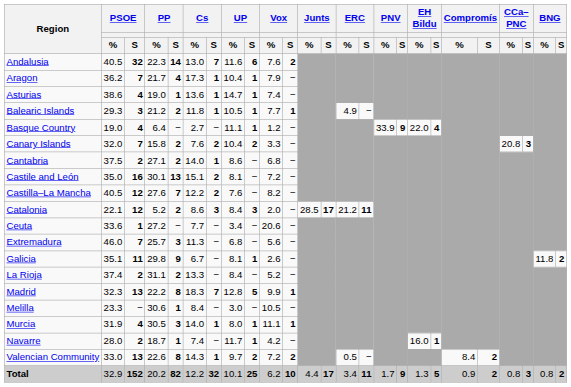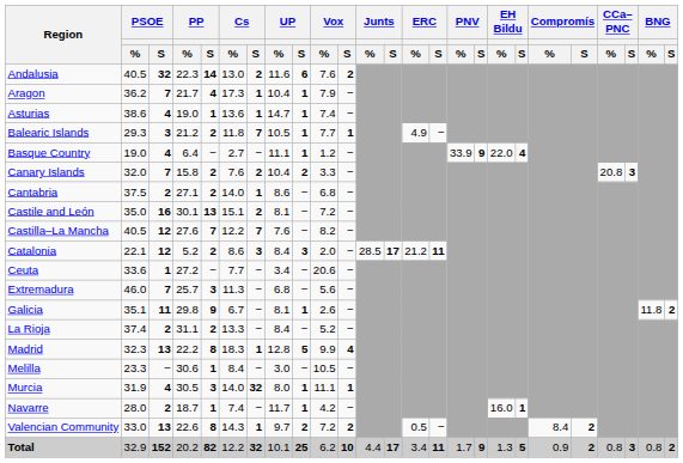 <table class="wikitable sortable" style="text-align:right; line-height:20px;">
 <tr>
 <th rowspan="3">Region</th>
 <th colspan="2" width="30px" class="unsortable"><a href='#'>PSOE</a></th>
 <th colspan="2" width="30px" class="unsortable"><a href='#'>PP</a></th>
 <th colspan="2" width="30px" class="unsortable"><a href='#'>Cs</a></th>
 <th colspan="2" width="30px" class="unsortable"><a href='#'>UP</a></th>
 <th colspan="2" width="30px" class="unsortable"><a href='#'>Vox</a></th>
 <th colspan="2" width="30px" class="unsortable"><a href='#'>Junts</a></th>
 <th colspan="2" width="30px" class="unsortable"><a href='#'>ERC</a></th>
 <th colspan="2" width="30px" class="unsortable"><a href='#'>PNV</a></th>
 <th colspan="2" width="30px" class="unsortable"><a href='#'>EH Bildu</a></th>
 <th colspan="2" width="30px" class="unsortable"><a href='#'>Compromís</a></th>
 <th colspan="2" width="30px" class="unsortable"><a href='#'>CCa–PNC</a></th>
 <th colspan="2" width="30px" class="unsortable"><a href='#'>BNG</a></th>
 </tr>
 <tr>
 <th colspan="2" style="background:"></th>
 <th colspan="2" style="background:"></th>
 <th colspan="2" style="background:"></th>
 <th colspan="2" style="background:"></th>
 <th colspan="2" style="background:"></th>
 <th colspan="2" style="background:"></th>
 <th colspan="2" style="background:"></th>
 <th colspan="2" style="background:"></th>
 <th colspan="2" style="background:"></th>
 <th colspan="2" style="background:"></th>
 <th colspan="2" style="background:"></th>
 <th colspan="2" style="background:"></th>
 </tr>
 <tr>
 <th data-sort-type="number">%</th>
 <th data-sort-type="number">S</th>
 <th data-sort-type="number">%</th>
 <th data-sort-type="number">S</th>
 <th data-sort-type="number">%</th>
 <th data-sort-type="number">S</th>
 <th data-sort-type="number">%</th>
 <th data-sort-type="number">S</th>
 <th data-sort-type="number">%</th>
 <th data-sort-type="number">S</th>
 <th data-sort-type="number">%</th>
 <th data-sort-type="number">S</th>
 <th data-sort-type="number">%</th>
 <th data-sort-type="number">S</th>
 <th data-sort-type="number">%</th>
 <th data-sort-type="number">S</th>
 <th data-sort-type="number">%</th>
 <th data-sort-type="number">S</th>
 <th data-sort-type="number">%</th>
 <th data-sort-type="number">S</th>
 <th data-sort-type="number">%</th>
 <th data-sort-type="number">S</th>
 <th data-sort-type="number">%</th>
 <th data-sort-type="number">S</th>
 </tr>
 <tr>
 <td align="left"><a href='#'>Andalusia</a></td>
 <td style="background:">40.5</td>
 <td><strong>32</strong></td>
 <td>22.3</td>
 <td><strong>14</strong></td>
 <td>13.0</td>
-<td><strong>7</strong></td>
+<td><strong>2</strong></td>
 <td>11.6</td>
 <td><strong>6</strong></td>
 <td>7.6</td>
 <td><strong>2</strong></td>
 <td colspan="2" rowspan="9" bgcolor="#AAAAAA"></td>
 <td colspan="2" rowspan="3" bgcolor="#AAAAAA"></td>
 <td colspan="2" rowspan="4" bgcolor="#AAAAAA"></td>
 <td colspan="2" rowspan="4" bgcolor="#AAAAAA"></td>
 <td colspan="2" rowspan="18" bgcolor="#AAAAAA"></td>
 <td colspan="2" rowspan="5" bgcolor="#AAAAAA"></td>
 <td colspan="2" rowspan="12" bgcolor="#AAAAAA"></td>
 </tr>
 <tr>
 <td align="left"><a href='#'>Aragon</a></td>
 <td style="background:">36.2</td>
 <td><strong>7</strong></td>
 <td>21.7</td>
 <td><strong>4</strong></td>
 <td>17.3</td>
 <td><strong>1</strong></td>
 <td>10.4</td>
 <td><strong>1</strong></td>
 <td>7.9</td>
 <td>−</td>
 </tr>
 <tr>
 <td align="left"><a href='#'>Asturias</a></td>
 <td style="background:">38.6</td>
 <td><strong>4</strong></td>
 <td>19.0</td>
 <td><strong>1</strong></td>
 <td>13.6</td>
 <td><strong>1</strong></td>
 <td>14.7</td>
 <td><strong>1</strong></td>
 <td>7.4</td>
 <td>−</td>
 </tr>
 <tr>
 <td align="left"><a href='#'>Balearic Islands</a></td>
 <td style="background:">29.3</td>
 <td><strong>3</strong></td>
 <td>21.2</td>
 <td><strong>2</strong></td>
 <td>11.8</td>
-<td><strong>1</strong></td>
+<td><strong>7</strong></td>
 <td>10.5</td>
 <td><strong>1</strong></td>
 <td>7.7</td>
 <td><strong>1</strong></td>
 <td>4.9</td>
 <td>−</td>
 </tr>
 <tr>
 <td align="left"><a href='#'>Basque Country</a></td>
 <td>19.0</td>
 <td><strong>4</strong></td>
 <td>6.4</td>
 <td>−</td>
 <td>2.7</td>
 <td>−</td>
 <td>11.1</td>
 <td><strong>1</strong></td>
 <td>1.2</td>
 <td>−</td>
 <td colspan="2" rowspan="5" bgcolor="#AAAAAA"></td>
 <td style="background:">33.9</td>
 <td><strong>9</strong></td>
 <td>22.0</td>
 <td><strong>4</strong></td>
 </tr>
 <tr>
 <td align="left"><a href='#'>Canary Islands</a></td>
 <td style="background:">32.0</td>
 <td><strong>7</strong></td>
 <td>15.8</td>
 <td><strong>2</strong></td>
 <td>7.6</td>
 <td><strong>2</strong></td>
 <td>10.4</td>
 <td><strong>2</strong></td>
 <td>3.3</td>
 <td>−</td>
 <td colspan="2" rowspan="14" bgcolor="#AAAAAA"></td>
 <td colspan="2" rowspan="12" bgcolor="#AAAAAA"></td>
 <td>20.8</td>
 <td><strong>3</strong></td>
 </tr>
 <tr>
 <td align="left"><a href='#'>Cantabria</a></td>
 <td style="background:">37.5</td>
 <td><strong>2</strong></td>
 <td>27.1</td>
 <td><strong>2</strong></td>
 <td>14.0</td>
 <td><strong>1</strong></td>
 <td>8.6</td>
 <td>−</td>
 <td>6.8</td>
 <td>−</td>
 <td colspan="2" rowspan="13" bgcolor="#AAAAAA"></td>
 </tr>
 <tr>
 <td align="left"><a href='#'>Castile and León</a></td>
 <td style="background:">35.0</td>
 <td><strong>16</strong></td>
 <td>30.1</td>
 <td><strong>13</strong></td>
 <td>15.1</td>
 <td><strong>2</strong></td>
 <td>8.1</td>
 <td>−</td>
 <td>7.2</td>
 <td>−</td>
 </tr>
 <tr>
 <td align="left"><a href='#'>Castilla–La Mancha</a></td>
 <td style="background:">40.5</td>
 <td><strong>12</strong></td>
 <td>27.6</td>
 <td><strong>7</strong></td>
 <td>12.2</td>
-<td><strong>2</strong></td>
+<td><strong>7</strong></td>
 <td>7.6</td>
 <td>−</td>
 <td>8.2</td>
 <td>−</td>
 </tr>
 <tr>
 <td align="left"><a href='#'>Catalonia</a></td>
 <td>22.1</td>
 <td><strong>12</strong></td>
 <td>5.2</td>
 <td><strong>2</strong></td>
 <td>8.6</td>
 <td><strong>3</strong></td>
 <td>8.4</td>
 <td><strong>3</strong></td>
 <td>2.0</td>
 <td>−</td>
 <td style="background:">28.5</td>
 <td><strong>17</strong></td>
 <td>21.2</td>
 <td><strong>11</strong></td>
 </tr>
 <tr>
 <td align="left"><a href='#'>Ceuta</a></td>
 <td style="background:">33.6</td>
 <td><strong>1</strong></td>
 <td>27.2</td>
 <td>−</td>
 <td>7.7</td>
 <td>−</td>
 <td>3.4</td>
 <td>−</td>
 <td>20.6</td>
 <td>−</td>
 <td colspan="2" rowspan="9" bgcolor="#AAAAAA"></td>
 <td colspan="2" rowspan="8" bgcolor="#AAAAAA"></td>
 </tr>
 <tr>
 <td align="left"><a href='#'>Extremadura</a></td>
 <td style="background:">46.0</td>
 <td><strong>7</strong></td>
 <td>25.7</td>
 <td><strong>3</strong></td>
 <td>11.3</td>
 <td>−</td>
 <td>6.8</td>
 <td>−</td>
 <td>5.6</td>
 <td>−</td>
 </tr>
 <tr>
 <td align="left"><a href='#'>Galicia</a></td>
 <td style="background:">35.1</td>
 <td><strong>11</strong></td>
 <td>29.8</td>
 <td><strong>9</strong></td>
 <td>6.7</td>
 <td>−</td>
 <td>8.1</td>
 <td><strong>1</strong></td>
 <td>2.6</td>
 <td>−</td>
 <td>11.8</td>
 <td><strong>2</strong></td>
 </tr>
 <tr>
 <td align="left"><a href='#'>La Rioja</a></td>
 <td style="background:">37.4</td>
 <td><strong>2</strong></td>
 <td>31.1</td>
 <td><strong>2</strong></td>
 <td>13.3</td>
 <td>−</td>
 <td>8.4</td>
 <td>−</td>
 <td>5.2</td>
 <td>−</td>
 <td colspan="2" rowspan="6" bgcolor="#AAAAAA"></td>
 </tr>
 <tr>
 <td align="left"><a href='#'>Madrid</a></td>
 <td style="background:">32.3</td>
 <td><strong>13</strong></td>
 <td>22.2</td>
 <td><strong>8</strong></td>
 <td>18.3</td>
-<td><strong>7</strong></td>
+<td><strong>1</strong></td>
 <td>12.8</td>
 <td><strong>5</strong></td>
 <td>9.9</td>
-<td><strong>1</strong></td>
+<td><strong>4</strong></td>
 </tr>
 <tr>
 <td align="left"><a href='#'>Melilla</a></td>
 <td>23.3</td>
 <td>−</td>
 <td style="background:">30.6</td>
 <td><strong>1</strong></td>
 <td>8.4</td>
 <td>−</td>
 <td>3.0</td>
 <td>−</td>
 <td>10.5</td>
 <td>−</td>
 </tr>
 <tr>
 <td align="left"><a href='#'>Murcia</a></td>
 <td style="background:">31.9</td>
 <td><strong>4</strong></td>
 <td>30.5</td>
 <td><strong>3</strong></td>
 <td>14.0</td>
-<td><strong>1</strong></td>
+<td><strong>32</strong></td>
 <td>8.0</td>
 <td><strong>1</strong></td>
 <td>11.1</td>
 <td><strong>1</strong></td>
 </tr>
 <tr>
 <td align="left"><a href='#'>Navarre</a></td>
 <td style="background:">28.0</td>
 <td><strong>2</strong></td>
 <td>18.7</td>
 <td><strong>1</strong></td>
 <td>7.4</td>
 <td>−</td>
 <td>11.7</td>
 <td><strong>1</strong></td>
 <td>4.2</td>
 <td>−</td>
 <td>16.0</td>
 <td><strong>1</strong></td>
 </tr>
 <tr>
 <td align="left"><a href='#'>Valencian Community</a></td>
 <td style="background:">33.0</td>
 <td><strong>13</strong></td>
 <td>22.6</td>
 <td><strong>8</strong></td>
 <td>14.3</td>
 <td><strong>1</strong></td>
 <td>9.7</td>
 <td><strong>2</strong></td>
 <td>7.2</td>
 <td><strong>2</strong></td>
 <td>0.5</td>
 <td>−</td>
 <td colspan="2" bgcolor="#AAAAAA"></td>
 <td>8.4</td>
 <td><strong>2</strong></td>
 </tr>
 <tr style="background:#CDCDCD;">
 <td align="left"><strong>Total</strong></td>
 <td style="background:">32.9</td>
 <td><strong>152</strong></td>
 <td>20.2</td>
 <td><strong>82</strong></td>
 <td>12.2</td>
 <td><strong>32</strong></td>
 <td>10.1</td>
 <td><strong>25</strong></td>
 <td>6.2</td>
 <td><strong>10</strong></td>
 <td>4.4</td>
 <td><strong>17</strong></td>
 <td>3.4</td>
 <td><strong>11</strong></td>
 <td>1.7</td>
 <td><strong>9</strong></td>
 <td>1.3</td>
 <td><strong>5</strong></td>
 <td>0.9</td>
 <td><strong>2</strong></td>
 <td>0.8</td>
 <td><strong>3</strong></td>
 <td>0.8</td>
 <td><strong>2</strong></td>
 </tr>
 </table>
